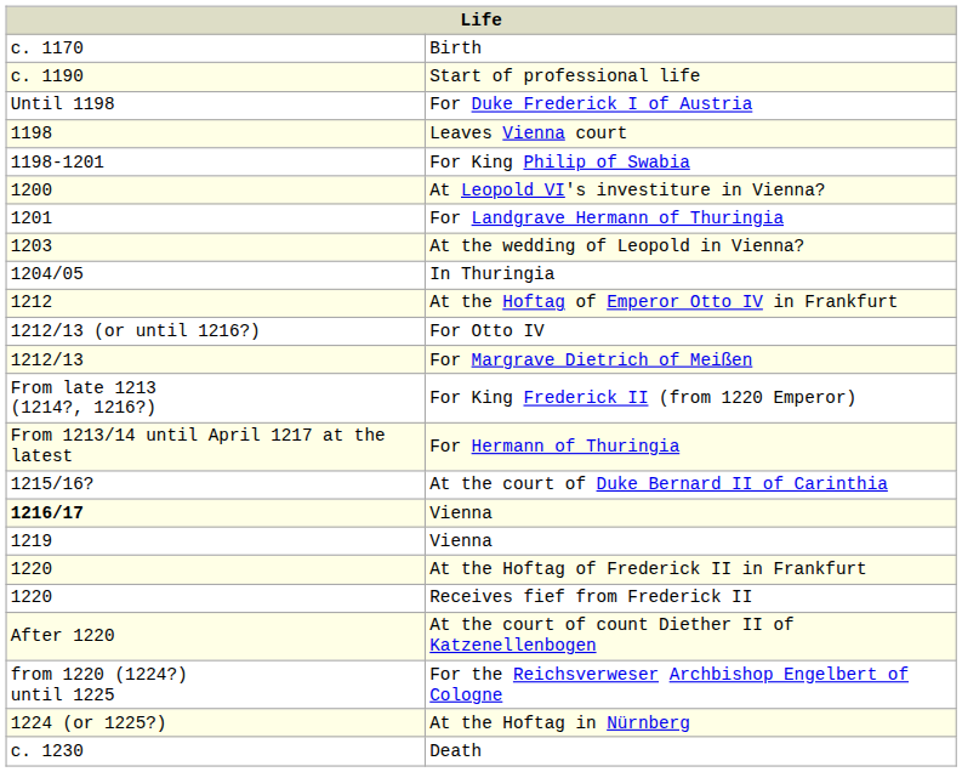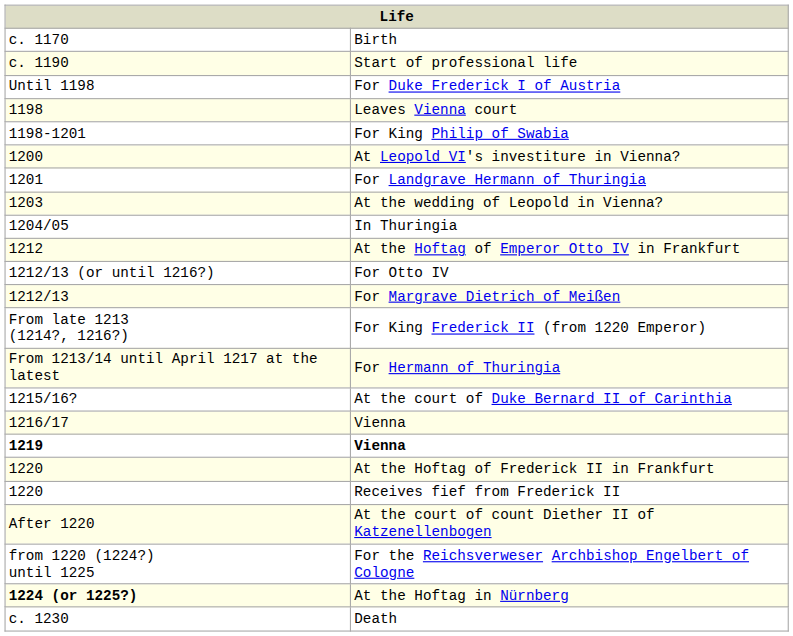 <table class="wikitable" style="width:45%; margin: 2em; vertical-align: top; text-align:left; background:#fff; float:right;">
 <tr>
 <th colspan="2" style='background: #ddddc6;'>Life</th>
 </tr>
 <tr>
 <td>c. 1170</td>
 <td>Birth</td>
 </tr>
 <tr style='background: #ffffe6;'>
 <td>c. 1190</td>
 <td>Start of professional life</td>
 </tr>
 <tr>
 <td>Until 1198</td>
 <td>For <a href='#'>Duke Frederick I of Austria</a></td>
 </tr>
 <tr style='background: #ffffe6;'>
 <td>1198</td>
 <td>Leaves <a href='#'>Vienna</a> court</td>
 </tr>
 <tr>
 <td>1198-1201</td>
 <td>For King <a href='#'>Philip of Swabia</a></td>
 </tr>
 <tr style='background: #ffffe6;'>
 <td>1200</td>
 <td>At <a href='#'>Leopold VI</a>'s investiture in Vienna?</td>
 </tr>
 <tr>
 <td>1201</td>
 <td>For <a href='#'>Landgrave Hermann of Thuringia</a></td>
 </tr>
 <tr style='background: #ffffe6;'>
 <td>1203</td>
 <td>At the wedding of Leopold in Vienna?</td>
 </tr>
 <tr>
 <td>1204/05</td>
 <td>In Thuringia</td>
 </tr>
 <tr style='background: #ffffe6;'>
 <td>1212</td>
 <td>At the <a href='#'>Hoftag</a> of <a href='#'>Emperor Otto IV</a> in Frankfurt</td>
 </tr>
 <tr>
 <td>1212/13 (or until 1216?)</td>
 <td>For Otto IV</td>
 </tr>
 <tr style='background: #ffffe6;'>
 <td>1212/13</td>
 <td>For <a href='#'>Margrave Dietrich of Meißen</a></td>
 </tr>
 <tr>
 <td>From late 1213 <br> (1214?, 1216?)</td>
 <td>For King <a href='#'>Frederick II</a> (from 1220 Emperor)</td>
 </tr>
 <tr style='background: #ffffe6;'>
 <td>From 1213/14 until April 1217 at the latest</td>
 <td>For <a href='#'>Hermann of Thuringia</a></td>
 </tr>
 <tr>
 <td>1215/16?</td>
 <td>At the court of <a href='#'>Duke Bernard II of Carinthia</a></td>
 </tr>
 <tr style='background: #ffffe6;'>
-<td><strong>1216/17</strong></td>
+<td>1216/17</td>
 <td>Vienna</td>
 </tr>
 <tr>
-<td>1219</td>
-<td>Vienna</td>
+<td><strong>1219</strong></td>
+<td><strong>Vienna</strong></td>
 </tr>
 <tr style='background: #ffffe6;'>
 <td>1220</td>
 <td>At the Hoftag of Frederick II in Frankfurt</td>
 </tr>
 <tr>
 <td>1220</td>
 <td>Receives fief from Frederick II</td>
 </tr>
 <tr style='background: #ffffe6;'>
 <td>After 1220</td>
 <td>At the court of count Diether II of <a href='#'>Katzenellenbogen</a></td>
 </tr>
 <tr>
 <td>from 1220 (1224?) <br> until 1225</td>
 <td>For the <a href='#'>Reichsverweser</a> <a href='#'>Archbishop Engelbert of Cologne</a></td>
 </tr>
 <tr style='background: #ffffe6;'>
-<td>1224 (or 1225?)</td>
+<td><strong>1224 (or 1225?)</strong></td>
 <td>At the Hoftag in <a href='#'>Nürnberg</a></td>
 </tr>
 <tr>
 <td>c. 1230</td>
 <td>Death</td>
 </tr>
 </table>
